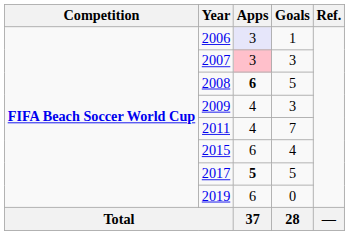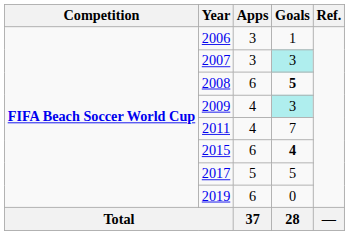 <table class="wikitable" style="text-align:center;">
 <tr>
 <th>Competition</th>
 <th>Year</th>
 <th>Apps</th>
 <th>Goals</th>
 <th>Ref.</th>
 </tr>
 <tr>
 <td rowspan="8"><strong><a href='#'>FIFA Beach Soccer World Cup</a></strong></td>
 <td> <a href='#'>2006</a></td>
-<td style="background: lavender;">3</td>
+<td>3</td>
 <td>1</td>
 <td rowspan=8></td>
 </tr>
 <tr>
 <td> <a href='#'>2007</a></td>
-<td style="background: pink;">3</td>
 <td>3</td>
+<td style="background: paleturquoise;">3</td>
 </tr>
 <tr>
 <td> <a href='#'>2008</a></td>
-<td><strong>6</strong></td>
-<td>5</td>
+<td>6</td>
+<td><strong>5</strong></td>
 </tr>
 <tr>
 <td> <a href='#'>2009</a></td>
 <td>4</td>
-<td>3</td>
+<td style="background: paleturquoise;">3</td>
 </tr>
 <tr>
 <td> <a href='#'>2011</a></td>
 <td>4</td>
 <td>7</td>
 </tr>
 <tr>
 <td> <a href='#'>2015</a></td>
 <td>6</td>
-<td>4</td>
+<td><strong>4</strong></td>
 </tr>
 <tr>
 <td> <a href='#'>2017</a></td>
-<td><strong>5</strong></td>
+<td>5</td>
 <td>5</td>
 </tr>
 <tr>
 <td> <a href='#'>2019</a></td>
 <td>6</td>
 <td>0</td>
 </tr>
 <tr>
 <th colspan=2>Total</th>
 <th>37</th>
 <th>28</th>
 <th>—</th>
 </tr>
 </table>
